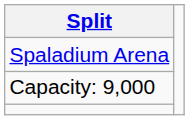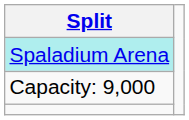 <table class="wikitable">
 <tr>
 <th><strong><a href='#'>Split</a></strong></th>
 <td rowspan="4"></td>
 </tr>
 <tr>
-<td><div><a href='#'>Spaladium Arena</a></div></td>
+<td style="background: paleturquoise;"><div><a href='#'>Spaladium Arena</a></div></td>
 </tr>
 <tr>
 <td><div>Capacity: 9,000</div></td>
 </tr>
 <tr>
 <td></td>
 </tr>
 </table>
